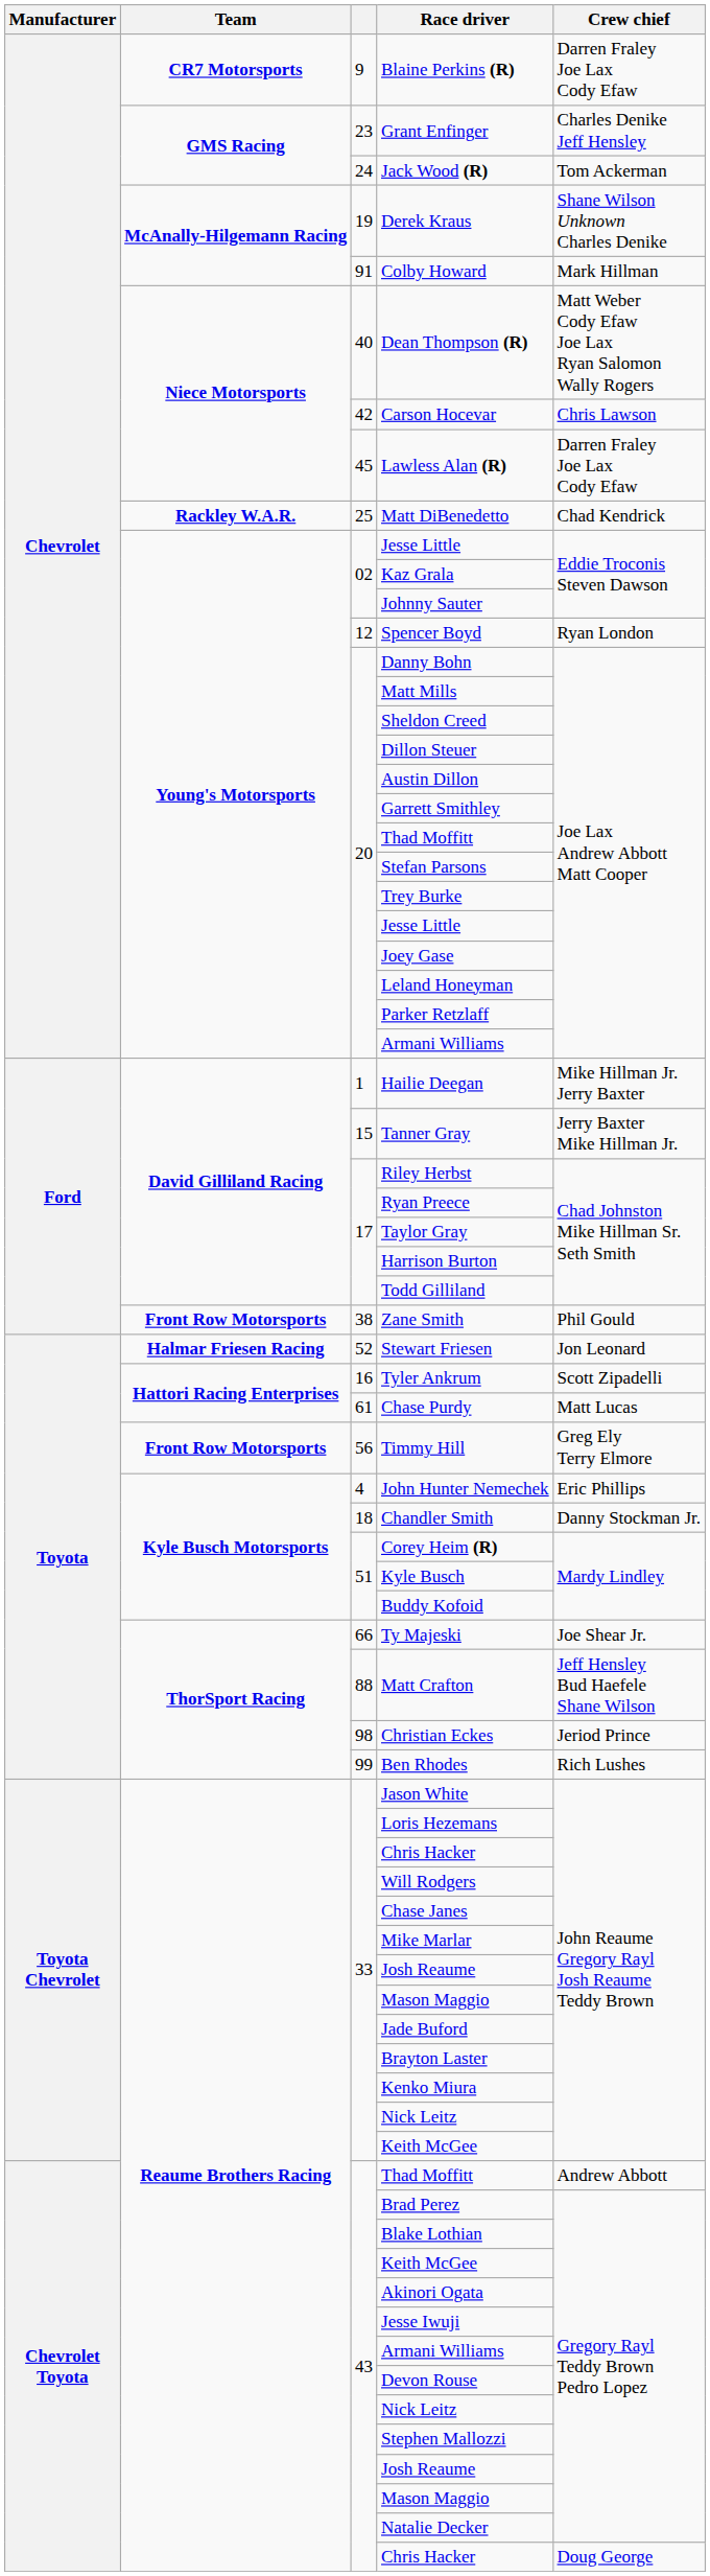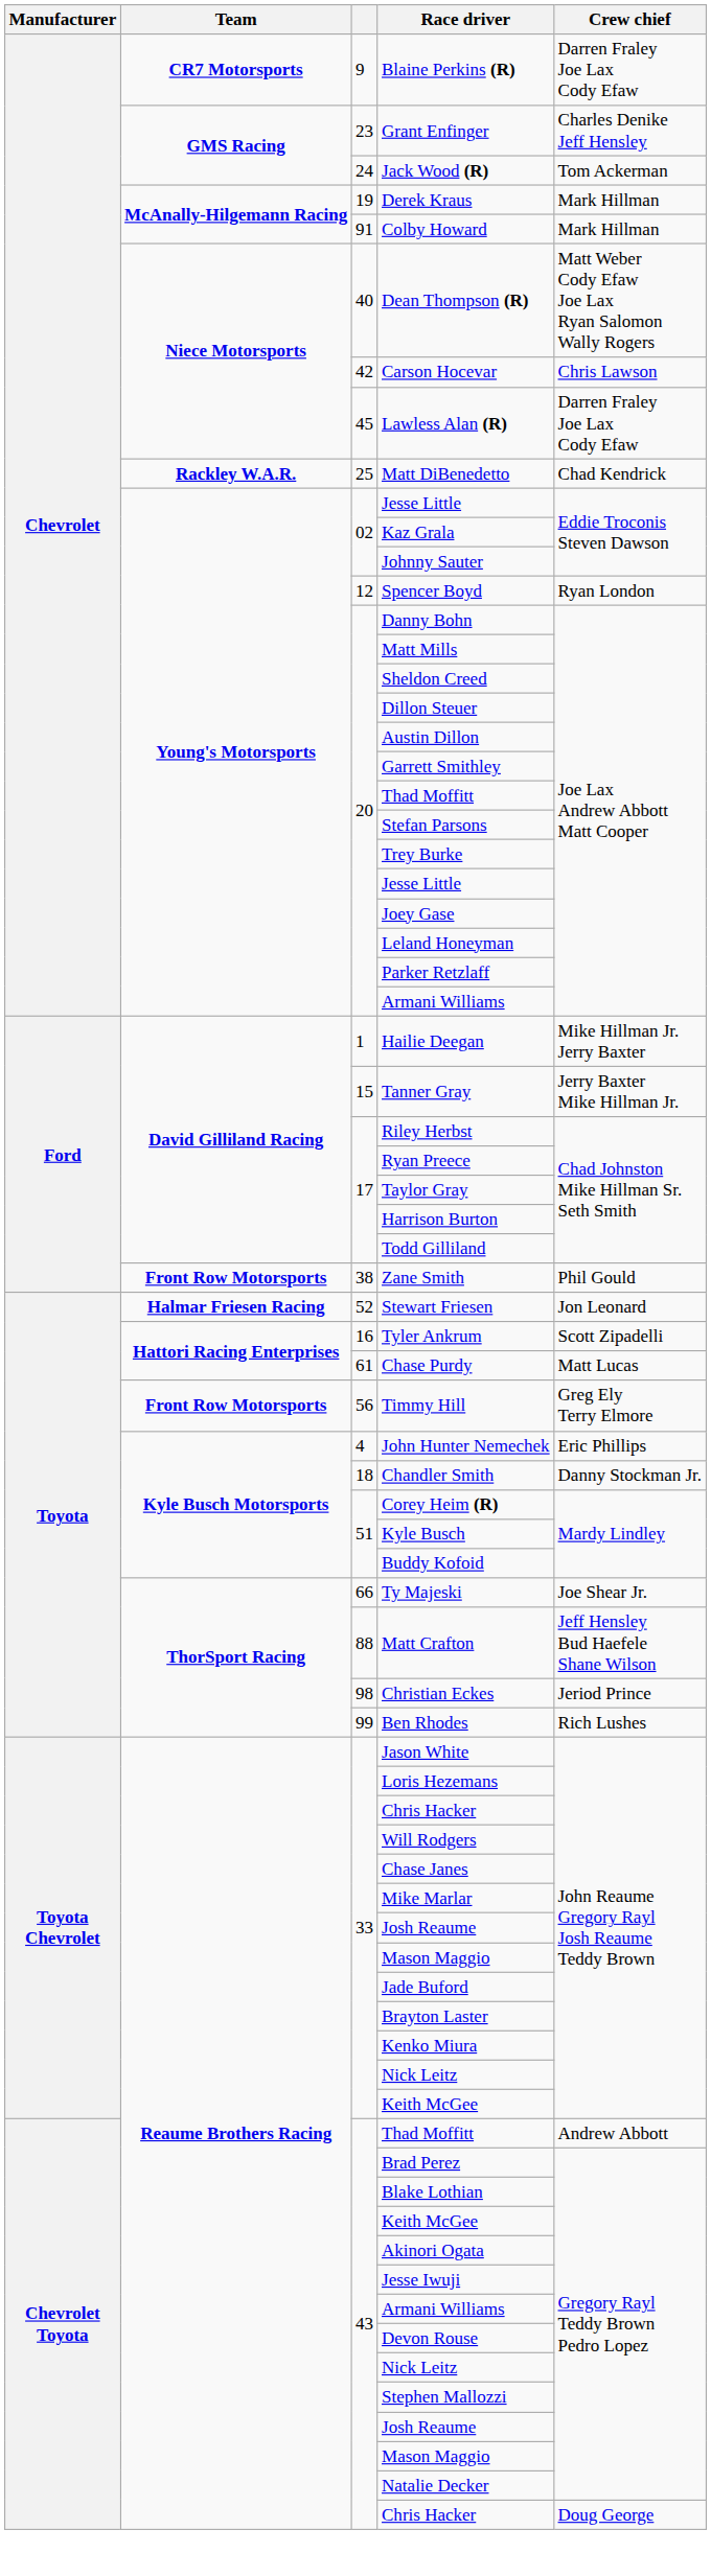 <table class="wikitable" style="font-size: 95%;">
 <tr>
 <th>Manufacturer</th>
 <th>Team</th>
 <th></th>
 <th>Race driver</th>
 <th>Crew chief</th>
 </tr>
 <tr>
 <th rowspan=27><a href='#'>Chevrolet</a></th>
 <td style="text-align:center;"><strong><a href='#'>CR7 Motorsports</a></strong></td>
 <td>9</td>
 <td><a href='#'>Blaine Perkins</a> <strong>(R)</strong></td>
 <td>Darren Fraley <small></small> <br> Joe Lax <small></small> <br> Cody Efaw <small></small></td>
 </tr>
 <tr>
 <td rowspan=2 style="text-align:center;"><strong><a href='#'>GMS Racing</a></strong></td>
 <td>23</td>
 <td><a href='#'>Grant Enfinger</a></td>
 <td>Charles Denike <small></small> <br> <a href='#'>Jeff Hensley</a> <small></small></td>
 </tr>
 <tr>
 <td>24</td>
 <td><a href='#'>Jack Wood</a> <strong>(R)</strong></td>
 <td>Tom Ackerman</td>
 </tr>
 <tr>
 <td rowspan=2 style="text-align:center;"><strong><a href='#'>McAnally-Hilgemann Racing</a></strong></td>
 <td>19</td>
 <td><a href='#'>Derek Kraus</a></td>
-<td><a href='#'>Shane Wilson</a> <small></small> <br> <em>Unknown</em> <small></small> <br> Charles Denike <small></small></td>
+<td>Mark Hillman</td>
 </tr>
 <tr>
 <td>91</td>
 <td><a href='#'>Colby Howard</a></td>
 <td>Mark Hillman</td>
 </tr>
 <tr>
 <td rowspan=3 style="text-align:center;"><strong><a href='#'>Niece Motorsports</a></strong></td>
 <td>40</td>
 <td><a href='#'>Dean Thompson</a> <strong>(R)</strong></td>
 <td>Matt Weber <small></small> <br> Cody Efaw <small></small> <br> Joe Lax <small></small> <br> Ryan Salomon <small></small> <br> Wally Rogers <small></small></td>
 </tr>
 <tr>
 <td>42</td>
 <td><a href='#'>Carson Hocevar</a></td>
 <td><a href='#'>Chris Lawson</a></td>
 </tr>
 <tr>
 <td>45</td>
 <td><a href='#'>Lawless Alan</a> <strong>(R)</strong></td>
 <td>Darren Fraley <small></small> <br> Joe Lax <small></small> <br> Cody Efaw <small></small></td>
 </tr>
 <tr>
 <td style="text-align:center;"><strong><a href='#'>Rackley W.A.R.</a></strong></td>
 <td>25</td>
 <td><a href='#'>Matt DiBenedetto</a></td>
 <td>Chad Kendrick</td>
 </tr>
 <tr>
 <td rowspan=18 style="text-align:center;"><strong><a href='#'>Young's Motorsports</a></strong></td>
 <td rowspan=3>02</td>
 <td><a href='#'>Jesse Little</a> <small></small></td>
 <td rowspan=3><a href='#'>Eddie Troconis</a> <small></small> <br> Steven Dawson <small></small></td>
 </tr>
 <tr>
 <td><a href='#'>Kaz Grala</a> <small></small></td>
 </tr>
 <tr>
 <td><a href='#'>Johnny Sauter</a> <small></small></td>
 </tr>
 <tr>
 <td>12</td>
 <td><a href='#'>Spencer Boyd</a></td>
 <td>Ryan London</td>
 </tr>
 <tr>
 <td rowspan=14>20</td>
 <td><a href='#'>Danny Bohn</a> <small></small></td>
 <td rowspan=14>Joe Lax <small></small> <br> Andrew Abbott <small></small> <br> Matt Cooper <small></small></td>
 </tr>
 <tr>
 <td><a href='#'>Matt Mills</a> <small></small></td>
 </tr>
 <tr>
 <td><a href='#'>Sheldon Creed</a> <small></small></td>
 </tr>
 <tr>
 <td><a href='#'>Dillon Steuer</a> <small></small></td>
 </tr>
 <tr>
 <td><a href='#'>Austin Dillon</a> <small></small></td>
 </tr>
 <tr>
 <td><a href='#'>Garrett Smithley</a> <small></small></td>
 </tr>
 <tr>
 <td><a href='#'>Thad Moffitt</a> <small></small></td>
 </tr>
 <tr>
 <td><a href='#'>Stefan Parsons</a> <small></small></td>
 </tr>
 <tr>
 <td><a href='#'>Trey Burke</a> <small></small></td>
 </tr>
 <tr>
 <td><a href='#'>Jesse Little</a> <small></small></td>
 </tr>
 <tr>
 <td><a href='#'>Joey Gase</a> <small></small></td>
 </tr>
 <tr>
 <td><a href='#'>Leland Honeyman</a> <small></small></td>
 </tr>
 <tr>
 <td><a href='#'>Parker Retzlaff</a> <small></small></td>
 </tr>
 <tr>
 <td><a href='#'>Armani Williams</a> <small></small></td>
 </tr>
 <tr>
 <th rowspan=8><a href='#'>Ford</a></th>
 <td rowspan=7 style="text-align:center;"><strong><a href='#'>David Gilliland Racing</a></strong></td>
 <td>1</td>
 <td><a href='#'>Hailie Deegan</a></td>
 <td>Mike Hillman Jr. <small></small> <br> Jerry Baxter <small></small></td>
 </tr>
 <tr>
 <td>15</td>
 <td><a href='#'>Tanner Gray</a></td>
 <td>Jerry Baxter <small></small> <br> Mike Hillman Jr. <small></small></td>
 </tr>
 <tr>
 <td rowspan=5>17</td>
 <td><a href='#'>Riley Herbst</a> <small></small></td>
 <td rowspan=5><a href='#'>Chad Johnston</a> <small></small> <br> Mike Hillman Sr. <small></small> <br> Seth Smith <small></small></td>
 </tr>
 <tr>
 <td><a href='#'>Ryan Preece</a> <small></small></td>
 </tr>
 <tr>
 <td><a href='#'>Taylor Gray</a> <small></small></td>
 </tr>
 <tr>
 <td><a href='#'>Harrison Burton</a> <small></small></td>
 </tr>
 <tr>
 <td><a href='#'>Todd Gilliland</a> <small></small></td>
 </tr>
 <tr>
 <td style="text-align:center;"><strong><a href='#'>Front Row Motorsports</a></strong></td>
 <td>38</td>
 <td><a href='#'>Zane Smith</a></td>
 <td>Phil Gould</td>
 </tr>
 <tr>
 <th rowspan=13><a href='#'>Toyota</a></th>
 <td style="text-align:center;"><strong><a href='#'>Halmar Friesen Racing</a></strong></td>
 <td>52</td>
 <td><a href='#'>Stewart Friesen</a></td>
 <td>Jon Leonard</td>
 </tr>
 <tr>
 <td rowspan=2 style="text-align:center;"><strong><a href='#'>Hattori Racing Enterprises</a></strong></td>
 <td>16</td>
 <td><a href='#'>Tyler Ankrum</a></td>
 <td>Scott Zipadelli</td>
 </tr>
 <tr>
 <td>61</td>
 <td><a href='#'>Chase Purdy</a></td>
 <td>Matt Lucas</td>
 </tr>
 <tr>
 <td style="text-align:center;"><strong><a href='#'>Front Row Motorsports</a></strong></td>
 <td>56</td>
 <td><a href='#'>Timmy Hill</a></td>
 <td>Greg Ely <small></small> <br> Terry Elmore <small></small></td>
 </tr>
 <tr>
 <td rowspan=5 style="text-align:center;"><strong><a href='#'>Kyle Busch Motorsports</a></strong></td>
 <td>4</td>
 <td><a href='#'>John Hunter Nemechek</a></td>
 <td>Eric Phillips</td>
 </tr>
 <tr>
 <td>18</td>
 <td><a href='#'>Chandler Smith</a></td>
 <td>Danny Stockman Jr.</td>
 </tr>
 <tr>
 <td rowspan=3>51</td>
 <td><a href='#'>Corey Heim</a> <strong>(R)</strong> <small></small></td>
 <td rowspan=3><a href='#'>Mardy Lindley</a></td>
 </tr>
 <tr>
 <td><a href='#'>Kyle Busch</a> <small></small></td>
 </tr>
 <tr>
 <td><a href='#'>Buddy Kofoid</a> <small></small></td>
 </tr>
 <tr>
 <td rowspan=4 style="text-align:center;"><strong><a href='#'>ThorSport Racing</a></strong></td>
 <td>66</td>
 <td><a href='#'>Ty Majeski</a></td>
 <td>Joe Shear Jr.</td>
 </tr>
 <tr>
 <td>88</td>
 <td><a href='#'>Matt Crafton</a></td>
 <td><a href='#'>Jeff Hensley</a> <small></small> <br> Bud Haefele <small></small> <br> <a href='#'>Shane Wilson</a> <small></small></td>
 </tr>
 <tr>
 <td>98</td>
 <td><a href='#'>Christian Eckes</a></td>
 <td>Jeriod Prince</td>
 </tr>
 <tr>
 <td>99</td>
 <td><a href='#'>Ben Rhodes</a></td>
 <td>Rich Lushes</td>
 </tr>
 <tr>
 <th rowspan=13><a href='#'>Toyota</a> <small></small> <br> <a href='#'>Chevrolet</a> <small></small></th>
 <td rowspan=27 style="text-align:center;"><strong><a href='#'>Reaume Brothers Racing</a></strong></td>
 <td rowspan=13>33</td>
 <td><a href='#'>Jason White</a> <small></small></td>
 <td rowspan=13>John Reaume <small></small> <br> <a href='#'>Gregory Rayl</a> <small></small> <br> <a href='#'>Josh Reaume</a> <small></small> <br> Teddy Brown <small></small></td>
 </tr>
 <tr>
 <td><a href='#'>Loris Hezemans</a> <small></small></td>
 </tr>
 <tr>
 <td><a href='#'>Chris Hacker</a> <small></small></td>
 </tr>
 <tr>
 <td><a href='#'>Will Rodgers</a> <small></small></td>
 </tr>
 <tr>
 <td><a href='#'>Chase Janes</a> <small></small></td>
 </tr>
 <tr>
 <td><a href='#'>Mike Marlar</a> <small></small></td>
 </tr>
 <tr>
 <td><a href='#'>Josh Reaume</a> <small></small></td>
 </tr>
 <tr>
 <td><a href='#'>Mason Maggio</a> <small></small></td>
 </tr>
 <tr>
 <td><a href='#'>Jade Buford</a> <small></small></td>
 </tr>
 <tr>
 <td><a href='#'>Brayton Laster</a> <small></small></td>
 </tr>
 <tr>
 <td><a href='#'>Kenko Miura</a> <small></small></td>
 </tr>
 <tr>
 <td><a href='#'>Nick Leitz</a> <small></small></td>
 </tr>
 <tr>
 <td><a href='#'>Keith McGee</a> <small></small></td>
 </tr>
 <tr>
 <th rowspan=14><a href='#'>Chevrolet</a> <small></small> <br> <a href='#'>Toyota</a> <small></small></th>
 <td rowspan=14>43</td>
 <td><a href='#'>Thad Moffitt</a> <small></small></td>
 <td>Andrew Abbott</td>
 </tr>
 <tr>
 <td><a href='#'>Brad Perez</a> <small></small></td>
 <td rowspan=12><a href='#'>Gregory Rayl</a> <small></small> <br> Teddy Brown <small></small><br> Pedro Lopez <small></small></td>
 </tr>
 <tr>
 <td><a href='#'>Blake Lothian</a> <small></small></td>
 </tr>
 <tr>
 <td><a href='#'>Keith McGee</a> <small></small></td>
 </tr>
 <tr>
 <td><a href='#'>Akinori Ogata</a> <small></small></td>
 </tr>
 <tr>
 <td><a href='#'>Jesse Iwuji</a> <small></small></td>
 </tr>
 <tr>
 <td><a href='#'>Armani Williams</a> <small></small></td>
 </tr>
 <tr>
 <td><a href='#'>Devon Rouse</a> <small></small></td>
 </tr>
 <tr>
 <td><a href='#'>Nick Leitz</a> <small></small></td>
 </tr>
 <tr>
 <td><a href='#'>Stephen Mallozzi</a> <small></small></td>
 </tr>
 <tr>
 <td><a href='#'>Josh Reaume</a> <small></small></td>
 </tr>
 <tr>
 <td><a href='#'>Mason Maggio</a> <small></small></td>
 </tr>
 <tr>
 <td><a href='#'>Natalie Decker</a> <small></small></td>
 </tr>
 <tr>
 <td><a href='#'>Chris Hacker</a> <small></small></td>
 <td><a href='#'>Doug George</a></td>
 </tr>
 </table>
